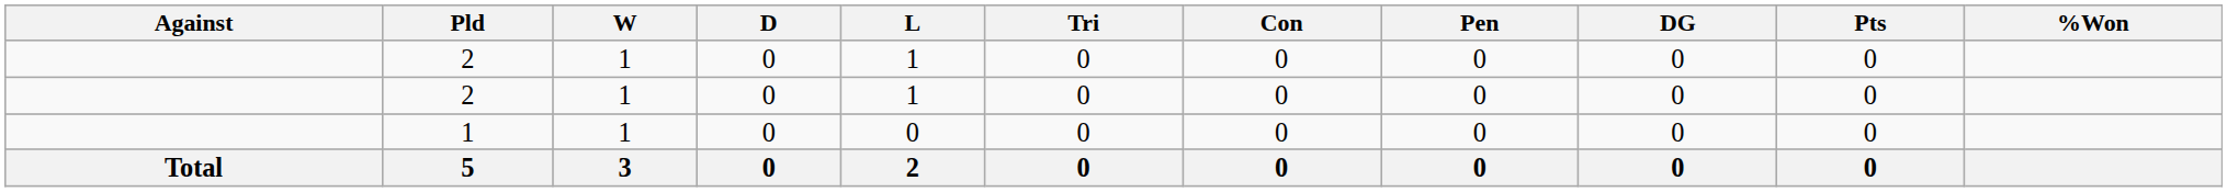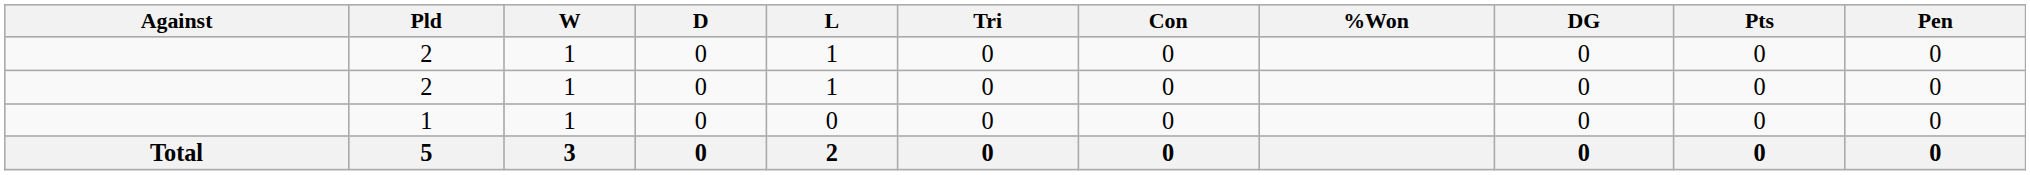 <table class="wikitable sortable"  style="text-align:center; line-height:90%; font-size:95%; width:100%;">
 <tr>
 <th style="width:17%; font-size:90%;">Against</th>
 <th abbr="Played" style="width:25px; font-size:90%;">Pld</th>
 <th abbr="Won" style="width:20px; font-size:90%;">W</th>
 <th abbr="Drawn" style="width:20px; font-size:90%;">D</th>
 <th abbr="Lost" style="width:20px; font-size:90%;">L</th>
 <th abbr="Tries" style="width:30px; font-size:90%;">Tri</th>
 <th abbr="Conversions" style="width:30px; font-size:90%;">Con</th>
-<th abbr="Penalties" style="width:30px; font-size:90%;">Pen</th>
+<th abbr="Won" style="width:28px; font-size:90%;">%Won</th>
 <th abbr="Penalties" style="width:30px; font-size:90%;">DG</th>
 <th abbr="Points" style="width:28px; font-size:90%;">Pts</th>
-<th abbr="Won" style="width:28px; font-size:90%;">%Won</th>
+<th abbr="Penalties" style="width:30px; font-size:90%;">Pen</th>
 </tr>
 <tr>
 <td align="left"></td>
 <td>2</td>
 <td>1</td>
 <td>0</td>
 <td>1</td>
 <td>0</td>
 <td>0</td>
+<td></td>
 <td>0</td>
 <td>0</td>
 <td>0</td>
-<td></td>
 </tr>
 <tr>
 <td align="left"></td>
 <td>2</td>
 <td>1</td>
 <td>0</td>
 <td>1</td>
 <td>0</td>
 <td>0</td>
+<td></td>
 <td>0</td>
 <td>0</td>
 <td>0</td>
-<td></td>
 </tr>
 <tr>
 <td align="left"></td>
 <td>1</td>
 <td>1</td>
 <td>0</td>
 <td>0</td>
 <td>0</td>
 <td>0</td>
+<td></td>
 <td>0</td>
 <td>0</td>
 <td>0</td>
-<td></td>
 </tr>
 <tr>
 <th>Total</th>
 <th>5</th>
 <th>3</th>
 <th>0</th>
 <th>2</th>
 <th>0</th>
 <th>0</th>
+<th></th>
 <th>0</th>
 <th>0</th>
 <th>0</th>
-<th></th>
 </tr>
 </table>
